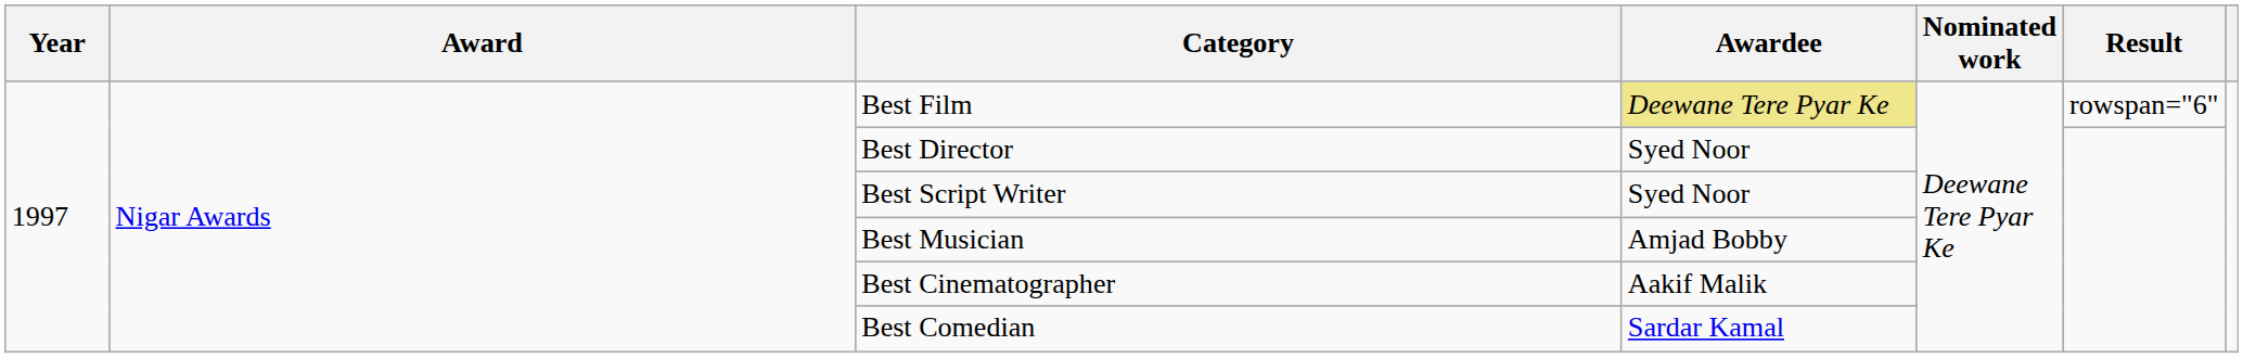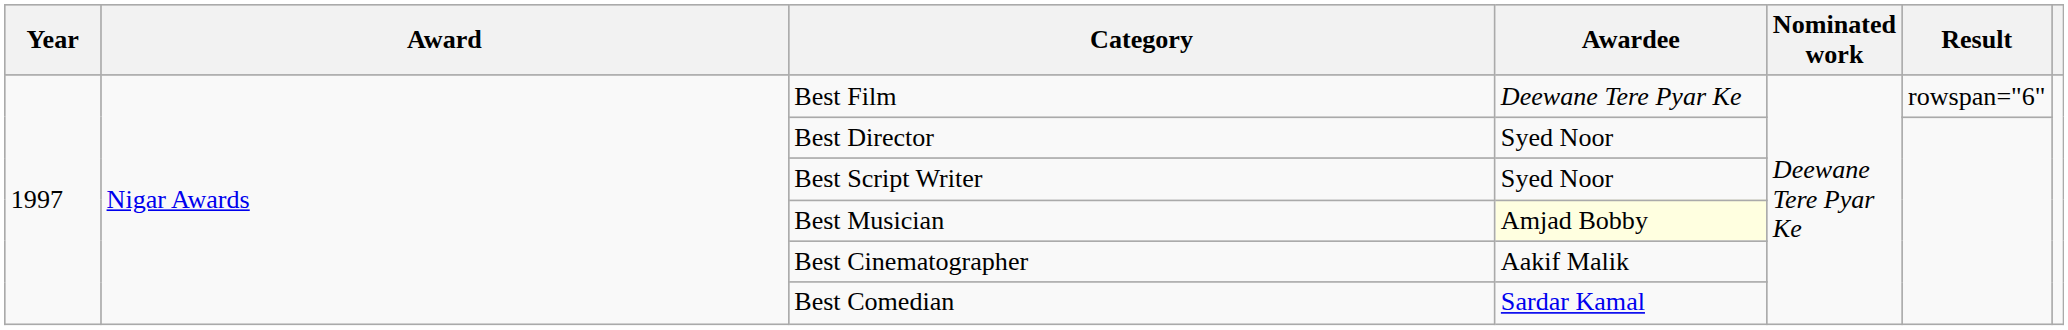 <table class="wikitable sortable" width=100%>
 <tr>
 <th width=5%>Year</th>
 <th style="width:40%;">Award</th>
 <th style="width:40%;">Category</th>
 <th style="width:40%;">Awardee</th>
 <th style="width:40%;">Nominated work</th>
 <th style="width:10%;">Result</th>
 <th width=5%></th>
 </tr>
 <tr>
 <td rowspan="6">1997</td>
 <td rowspan="6"><a href='#'>Nigar Awards</a></td>
 <td>Best Film</td>
-<td style="background: khaki;"><em>Deewane Tere Pyar Ke</em></td>
+<td><em>Deewane Tere Pyar Ke</em></td>
 <td rowspan="6"><em>Deewane Tere Pyar Ke</em></td>
 <td>rowspan="6"</td>
 <td rowspan="6"></td>
 </tr>
 <tr>
 <td>Best Director</td>
 <td>Syed Noor</td>
 </tr>
 <tr>
 <td>Best Script Writer</td>
 <td>Syed Noor</td>
 </tr>
 <tr>
 <td>Best Musician</td>
-<td>Amjad Bobby</td>
+<td style="background: lightyellow;">Amjad Bobby</td>
 </tr>
 <tr>
 <td>Best Cinematographer</td>
 <td>Aakif Malik</td>
 </tr>
 <tr>
 <td>Best Comedian</td>
 <td><a href='#'>Sardar Kamal</a></td>
 </tr>
 </table>
